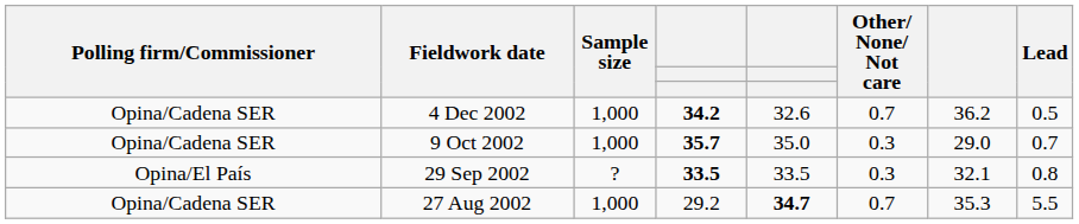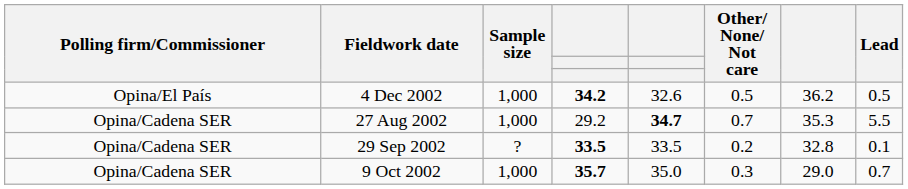 <table class="wikitable collapsible collapsed" style="text-align:center; font-size:90%; line-height:14px;">
 <tr style="height:42px;">
 <th style="width:250px;" rowspan="3">Polling firm/Commissioner</th>
 <th style="width:125px;" rowspan="3">Fieldwork date</th>
 <th style="width:50px;" rowspan="3">Sample size</th>
 <th style="width:55px;"></th>
 <th style="width:55px;"></th>
 <th style="width:55px;" rowspan="3">Other/<br>None/<br>Not<br>care</th>
 <th style="width:55px;" rowspan="3"></th>
 <th style="width:30px;" rowspan="3">Lead</th>
 </tr>
 <tr>
 <th style="color:inherit;background:"></th>
 <th style="color:inherit;background:"></th>
 </tr>
 <tr>
 <th></th>
 <th></th>
 </tr>
 <tr>
-<td>Opina/Cadena SER</td>
+<td>Opina/El País</td>
 <td>4 Dec 2002</td>
 <td>1,000</td>
 <td><strong>34.2</strong></td>
 <td>32.6</td>
-<td>0.7</td>
+<td>0.5</td>
 <td>36.2</td>
 <td style="background:">0.5</td>
+</tr>
+<tr>
+<td>Opina/Cadena SER</td>
+<td>27 Aug 2002</td>
+<td>1,000</td>
+<td>29.2</td>
+<td><strong>34.7</strong></td>
+<td>0.7</td>
+<td>35.3</td>
+<td style="background:">5.5</td>
+</tr>
+<tr>
+<td>Opina/Cadena SER</td>
+<td>29 Sep 2002</td>
+<td>?</td>
+<td><strong>33.5</strong></td>
+<td>33.5</td>
+<td>0.2</td>
+<td>32.8</td>
+<td style="background:">0.1</td>
 </tr>
 <tr>
 <td>Opina/Cadena SER</td>
 <td>9 Oct 2002</td>
 <td>1,000</td>
 <td><strong>35.7</strong></td>
 <td>35.0</td>
 <td>0.3</td>
 <td>29.0</td>
 <td style="background:">0.7</td>
 </tr>
-<tr>
-<td>Opina/El País</td>
-<td>29 Sep 2002</td>
-<td>?</td>
-<td><strong>33.5</strong></td>
-<td>33.5</td>
-<td>0.3</td>
-<td>32.1</td>
-<td style="background:">0.8</td>
-</tr>
-<tr>
-<td>Opina/Cadena SER</td>
-<td>27 Aug 2002</td>
-<td>1,000</td>
-<td>29.2</td>
-<td><strong>34.7</strong></td>
-<td>0.7</td>
-<td>35.3</td>
-<td style="background:">5.5</td>
-</tr>
 </table>
